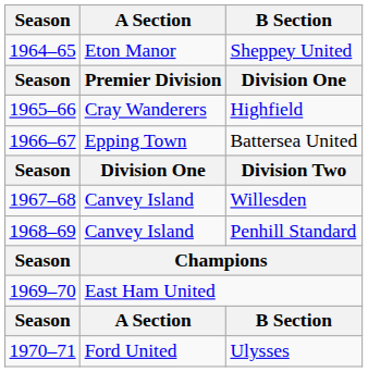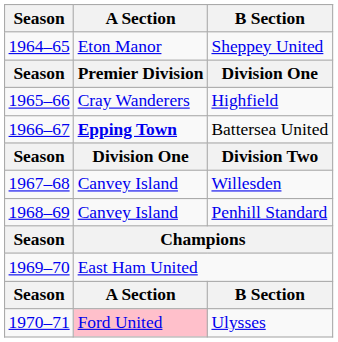 <table class=wikitable>
 <tr>
 <th>Season</th>
 <th>A Section</th>
 <th>B Section</th>
 </tr>
 <tr>
 <td><a href='#'>1964–65</a></td>
 <td><a href='#'>Eton Manor</a></td>
 <td><a href='#'>Sheppey United</a></td>
 </tr>
 <tr>
 <th>Season</th>
 <th>Premier Division</th>
 <th>Division One</th>
 </tr>
 <tr>
 <td><a href='#'>1965–66</a></td>
 <td><a href='#'>Cray Wanderers</a></td>
 <td><a href='#'>Highfield</a></td>
 </tr>
 <tr>
 <td><a href='#'>1966–67</a></td>
-<td><a href='#'>Epping Town</a></td>
+<td><strong><a href='#'>Epping Town</a></strong></td>
 <td>Battersea United</td>
 </tr>
 <tr>
 <th>Season</th>
 <th>Division One</th>
 <th>Division Two</th>
 </tr>
 <tr>
 <td><a href='#'>1967–68</a></td>
 <td><a href='#'>Canvey Island</a></td>
 <td><a href='#'>Willesden</a></td>
 </tr>
 <tr>
 <td><a href='#'>1968–69</a></td>
 <td><a href='#'>Canvey Island</a></td>
 <td><a href='#'>Penhill Standard</a></td>
 </tr>
 <tr>
 <th>Season</th>
 <th colspan=2>Champions</th>
 </tr>
 <tr>
 <td><a href='#'>1969–70</a></td>
 <td colspan=2><a href='#'>East Ham United</a></td>
 </tr>
 <tr>
 <th>Season</th>
 <th>A Section</th>
 <th>B Section</th>
 </tr>
 <tr>
 <td><a href='#'>1970–71</a></td>
-<td><a href='#'>Ford United</a></td>
+<td style="background: pink;"><a href='#'>Ford United</a></td>
 <td><a href='#'>Ulysses</a></td>
 </tr>
 </table>
